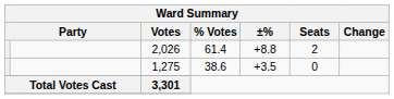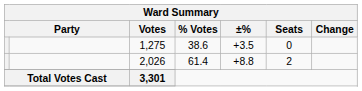 <table class="wikitable" style="font-size: 95%;">
 <tr style="background-color:#E9E9E9">
 <th colspan="7">Ward Summary</th>
 </tr>
 <tr style="background-color:#E9E9E9">
 <th colspan="2">Party</th>
 <th style="width: 60px">Votes</th>
 <th style="width: 60px">% Votes</th>
 <th style="width: 60px">±%</th>
 <th style="width: 60px">Seats</th>
 <th style="width: 60px">Change</th>
 </tr>
 <tr>
 <th style="background-color: "></th>
 <td style="width: 170px"><a href='#'></a></td>
-<td align="center">2,026</td>
-<td align="center">61.4</td>
-<td align="center">+8.8</td>
-<td align="center">2</td>
+<td align="center">1,275</td>
+<td align="center">38.6</td>
+<td align="center">+3.5</td>
+<td align="center">0</td>
 <td align="center"></td>
 </tr>
 <tr>
 <th style="background-color: "></th>
 <td style="width: 170px"><a href='#'></a></td>
-<td align="center">1,275</td>
-<td align="center">38.6</td>
-<td align="center">+3.5</td>
-<td align="center">0</td>
+<td align="center">2,026</td>
+<td align="center">61.4</td>
+<td align="center">+8.8</td>
+<td align="center">2</td>
 <td align="center"></td>
 </tr>
 <tr>
 </tr>
 <tr style="background-color:#E9E9E9">
 <th colspan="2">Total Votes Cast</th>
 <th style="width: 60px">3,301</th>
 </tr>
 <tr style="background-color:#E9E9E9">
 </tr>
 </table>
